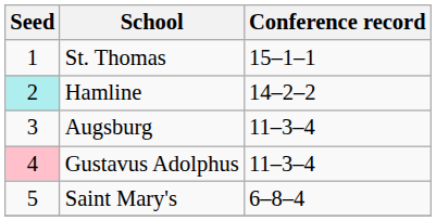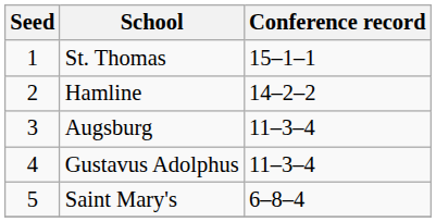 <table class="wikitable">
 <tr>
 <th>Seed</th>
 <th>School</th>
 <th>Conference record</th>
 </tr>
 <tr>
 <td align=center>1</td>
 <td>St. Thomas</td>
 <td>15–1–1</td>
 </tr>
 <tr>
-<td align=center style="background: paleturquoise;">2</td>
+<td align=center>2</td>
 <td>Hamline</td>
 <td>14–2–2</td>
 </tr>
 <tr>
 <td align=center>3</td>
 <td>Augsburg</td>
 <td>11–3–4</td>
 </tr>
 <tr>
-<td align=center style="background: pink;">4</td>
+<td align=center>4</td>
 <td>Gustavus Adolphus</td>
 <td>11–3–4</td>
 </tr>
 <tr>
 <td align=center>5</td>
 <td>Saint Mary's</td>
 <td>6–8–4</td>
 </tr>
 <tr>
 </tr>
 </table>
